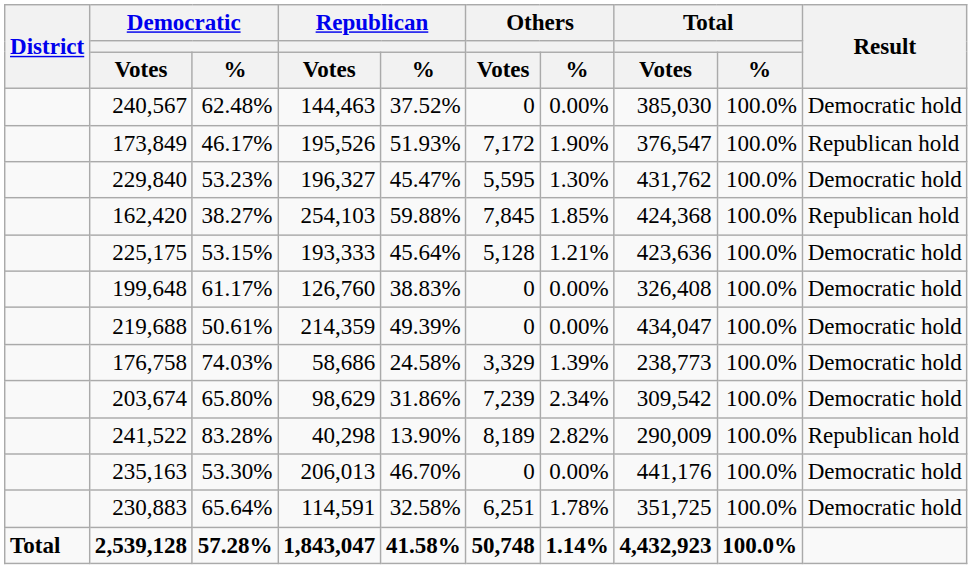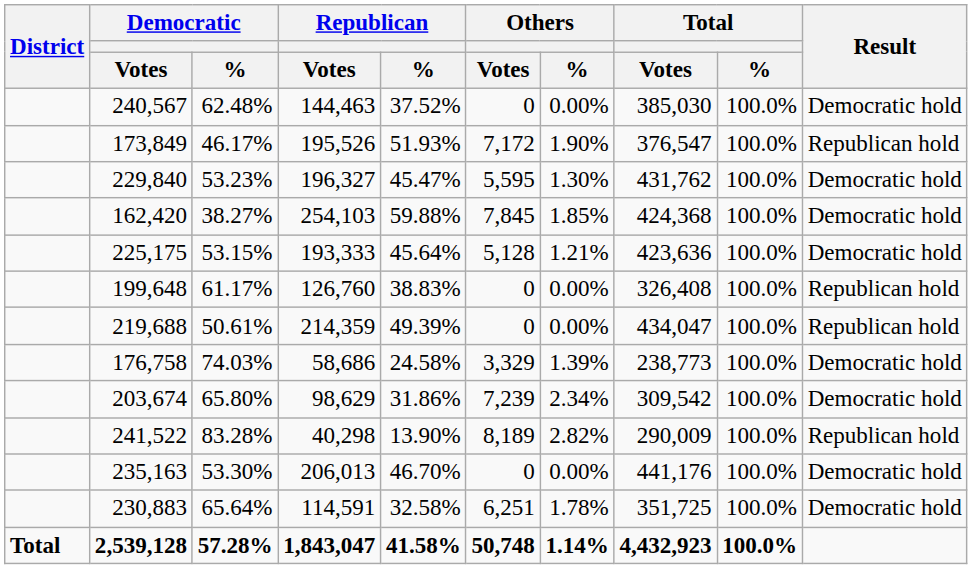 <table class="wikitable plainrowheaders sortable" style="font-size:100%; text-align:right;">
 <tr>
 <th scope=col rowspan=3><a href='#'>District</a></th>
 <th scope=col colspan=2><a href='#'>Democratic</a></th>
 <th scope=col colspan=2><a href='#'>Republican</a></th>
 <th scope=col colspan=2>Others</th>
 <th scope=col colspan=2>Total</th>
 <th scope=col rowspan=3>Result</th>
 </tr>
 <tr>
 <th scope=col colspan=2 style="background:"></th>
 <th scope=col colspan=2 style="background:"></th>
 <th scope=col colspan=2></th>
 <th scope=col colspan=2></th>
 </tr>
 <tr>
 <th scope=col data-sort-type="number">Votes</th>
 <th scope=col data-sort-type="number">%</th>
 <th scope=col data-sort-type="number">Votes</th>
 <th scope=col data-sort-type="number">%</th>
 <th scope=col data-sort-type="number">Votes</th>
 <th scope=col data-sort-type="number">%</th>
 <th scope=col data-sort-type="number">Votes</th>
 <th scope=col data-sort-type="number">%</th>
 </tr>
 <tr>
 <td align=left></td>
 <td>240,567</td>
 <td>62.48%</td>
 <td>144,463</td>
 <td>37.52%</td>
 <td>0</td>
 <td>0.00%</td>
 <td>385,030</td>
 <td>100.0%</td>
 <td align=left>Democratic hold</td>
 </tr>
 <tr>
 <td align=left></td>
 <td>173,849</td>
 <td>46.17%</td>
 <td>195,526</td>
 <td>51.93%</td>
 <td>7,172</td>
 <td>1.90%</td>
 <td>376,547</td>
 <td>100.0%</td>
 <td align=left>Republican hold</td>
 </tr>
 <tr>
 <td align=left></td>
 <td>229,840</td>
 <td>53.23%</td>
 <td>196,327</td>
 <td>45.47%</td>
 <td>5,595</td>
 <td>1.30%</td>
 <td>431,762</td>
 <td>100.0%</td>
 <td align=left>Democratic hold</td>
 </tr>
 <tr>
 <td align=left></td>
 <td>162,420</td>
 <td>38.27%</td>
 <td>254,103</td>
 <td>59.88%</td>
 <td>7,845</td>
 <td>1.85%</td>
 <td>424,368</td>
 <td>100.0%</td>
-<td align=left>Republican hold</td>
+<td align=left>Democratic hold</td>
 </tr>
 <tr>
 <td align=left></td>
 <td>225,175</td>
 <td>53.15%</td>
 <td>193,333</td>
 <td>45.64%</td>
 <td>5,128</td>
 <td>1.21%</td>
 <td>423,636</td>
 <td>100.0%</td>
 <td align=left>Democratic hold</td>
 </tr>
 <tr>
 <td align=left></td>
 <td>199,648</td>
 <td>61.17%</td>
 <td>126,760</td>
 <td>38.83%</td>
 <td>0</td>
 <td>0.00%</td>
 <td>326,408</td>
 <td>100.0%</td>
-<td align=left>Democratic hold</td>
+<td align=left>Republican hold</td>
 </tr>
 <tr>
 <td align=left></td>
 <td>219,688</td>
 <td>50.61%</td>
 <td>214,359</td>
 <td>49.39%</td>
 <td>0</td>
 <td>0.00%</td>
 <td>434,047</td>
 <td>100.0%</td>
-<td align=left>Democratic hold</td>
+<td align=left>Republican hold</td>
 </tr>
 <tr>
 <td align=left></td>
 <td>176,758</td>
 <td>74.03%</td>
 <td>58,686</td>
 <td>24.58%</td>
 <td>3,329</td>
 <td>1.39%</td>
 <td>238,773</td>
 <td>100.0%</td>
 <td align=left>Democratic hold</td>
 </tr>
 <tr>
 <td align=left></td>
 <td>203,674</td>
 <td>65.80%</td>
 <td>98,629</td>
 <td>31.86%</td>
 <td>7,239</td>
 <td>2.34%</td>
 <td>309,542</td>
 <td>100.0%</td>
 <td align=left>Democratic hold</td>
 </tr>
 <tr>
 <td align=left></td>
 <td>241,522</td>
 <td>83.28%</td>
 <td>40,298</td>
 <td>13.90%</td>
 <td>8,189</td>
 <td>2.82%</td>
 <td>290,009</td>
 <td>100.0%</td>
 <td align=left>Republican hold</td>
 </tr>
 <tr>
 <td align=left></td>
 <td>235,163</td>
 <td>53.30%</td>
 <td>206,013</td>
 <td>46.70%</td>
 <td>0</td>
 <td>0.00%</td>
 <td>441,176</td>
 <td>100.0%</td>
 <td align=left>Democratic hold</td>
 </tr>
 <tr>
 <td align=left></td>
 <td>230,883</td>
 <td>65.64%</td>
 <td>114,591</td>
 <td>32.58%</td>
 <td>6,251</td>
 <td>1.78%</td>
 <td>351,725</td>
 <td>100.0%</td>
 <td align=left>Democratic hold</td>
 </tr>
 <tr class="sortbottom" style="font-weight:bold">
 <td align=left>Total</td>
 <td>2,539,128</td>
 <td>57.28%</td>
 <td>1,843,047</td>
 <td>41.58%</td>
 <td>50,748</td>
 <td>1.14%</td>
 <td>4,432,923</td>
 <td>100.0%</td>
 <td></td>
 </tr>
 </table>
